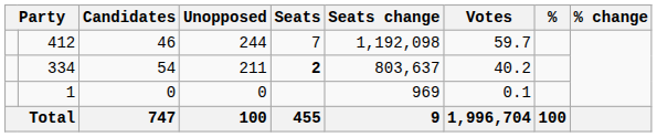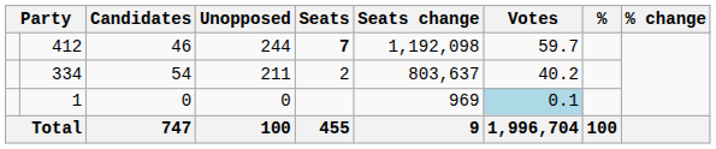 <table class="wikitable sortable">
 <tr>
 <th colspan=2>Party</th>
 <th>Candidates</th>
 <th>Unopposed</th>
 <th>Seats</th>
 <th>Seats change</th>
 <th>Votes</th>
 <th>%</th>
 <th>% change</th>
 </tr>
 <tr>
 <td></td>
 <td align=right>412</td>
 <td align=right>46</td>
 <td align=right>244</td>
-<td align=right>7</td>
+<td align=right><strong>7</strong></td>
 <td align=right>1,192,098</td>
 <td align=right>59.7</td>
 <td align=right></td>
 </tr>
 <tr>
 <td></td>
 <td align=right>334</td>
 <td align=right>54</td>
 <td align=right>211</td>
-<td align=right><strong>2</strong></td>
+<td align=right>2</td>
 <td align=right>803,637</td>
 <td align=right>40.2</td>
 <td align=right></td>
 </tr>
 <tr>
 <td></td>
 <td align=right>1</td>
 <td align=right>0</td>
 <td align=right>0</td>
 <td align=right></td>
 <td align=right>969</td>
-<td align=right>0.1</td>
+<td align=right style="background: lightblue;">0.1</td>
 <td align=right></td>
 </tr>
 <tr class="sortbottom" style="font-weight: bold; text-align: right; background: #f2f2f2;">
 <th colspan="2" style="padding-left: 1.5em; text-align: left;">Total</th>
 <td align=right>747</td>
 <td align=right>100</td>
 <td align=right>455</td>
 <td align=right>9</td>
 <td align=right>1,996,704</td>
 <td align=right>100</td>
 <td align=right></td>
 </tr>
 </table>
